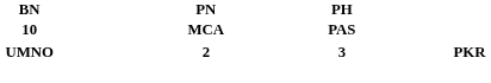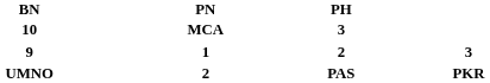 <table style="width:40em;">
 <tr style="text-align:center;">
 <td style="color:"><strong>BN</strong></td>
 <td style="color:"><strong>PN</strong></td>
 <td style="color:"><strong>PH</strong></td>
 </tr>
 <tr style="text-align:center;">
 <td style="background:"><strong>10</strong></td>
 <td style="color:"><strong>MCA</strong></td>
-<td style="color:"><strong>PAS</strong></td>
+<td style="background:"><strong>3</strong></td>
 </tr>
 <tr>
 </tr>
 <tr style="text-align:center;">
+<td style="background:"><strong>9</strong></td>
+<td style="background:"><strong>1</strong></td>
+<td style="background:"><strong>2</strong></td>
+<td style="background:"><strong>3</strong></td>
+</tr>
+<tr style="text-align:center;">
 <td style="color:"><strong>UMNO</strong></td>
 <td style="background:"><strong>2</strong></td>
-<td style="background:"><strong>3</strong></td>
+<td style="color:"><strong>PAS</strong></td>
 <td style="color:"><strong>PKR</strong></td>
 </tr>
 </table>
